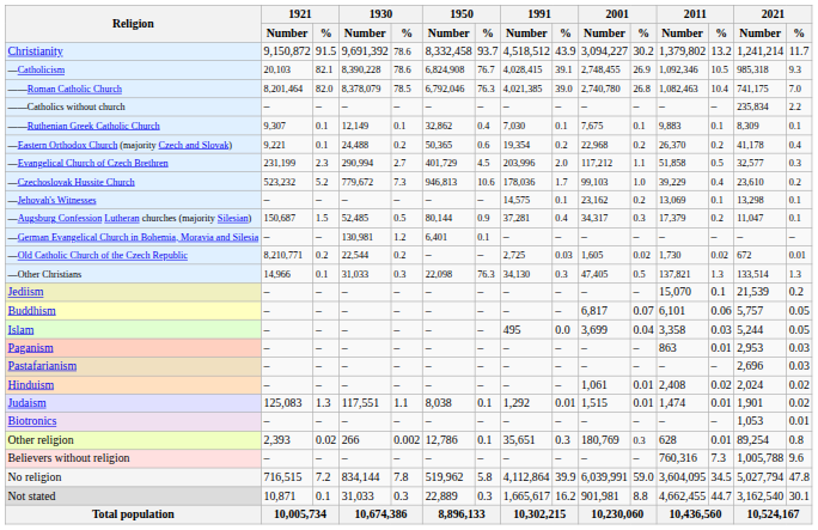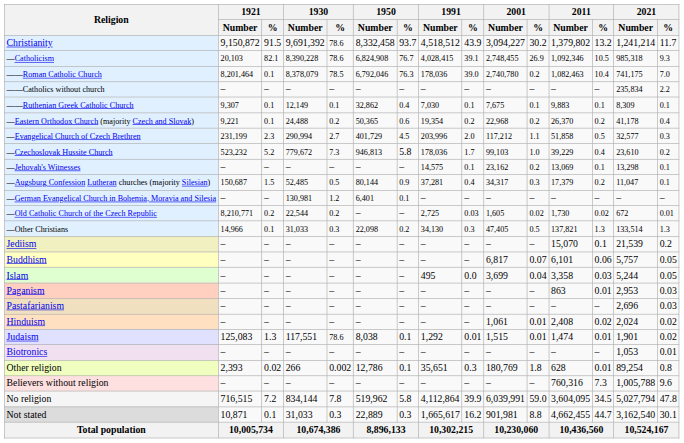 <table class="wikitable">
 <tr>
 <th rowspan="2">Religion</th>
 <th style="text-align:center;" colspan="2">1921</th>
 <th style="text-align:center;" colspan="2">1930</th>
 <th style="text-align:center;" colspan="2">1950</th>
 <th style="text-align:center;" colspan="2">1991</th>
 <th style="text-align:center;" colspan="2">2001</th>
 <th style="text-align:center;" colspan="2">2011</th>
 <th style="text-align:center;" colspan="2">2021</th>
 </tr>
 <tr>
 <th>Number</th>
 <th>%</th>
 <th>Number</th>
 <th>%</th>
 <th>Number</th>
 <th>%</th>
 <th>Number</th>
 <th>%</th>
 <th>Number</th>
 <th>%</th>
 <th>Number</th>
 <th>%</th>
 <th>Number</th>
 <th>%</th>
 </tr>
 <tr>
 <td style="background:#E0F0FF;"><a href='#'>Christianity</a></td>
 <td>9,150,872</td>
 <td>91.5</td>
 <td>9,691,392</td>
 <td><small>78.6</small></td>
 <td>8,332,458</td>
 <td>93.7</td>
 <td>4,518,512</td>
 <td>43.9</td>
 <td>3,094,227</td>
 <td>30.2</td>
 <td>1,379,802</td>
 <td>13.2</td>
 <td>1,241,214</td>
 <td>11.7</td>
 </tr>
 <tr>
 <td style="background:#E0F0FF;"><small>—<a href='#'>Catholicism</a></small></td>
 <td><small>20,103</small></td>
 <td><small>82.1</small></td>
 <td><small>8,390,228</small></td>
 <td><small>78.6</small></td>
 <td><small>6,824,908</small></td>
 <td><small>76.7</small></td>
 <td><small>4,028,415</small></td>
 <td><small>39.1</small></td>
 <td><small>2,748,455</small></td>
 <td><small>26.9</small></td>
 <td><small>1,092,346</small></td>
 <td><small>10.5</small></td>
 <td><small>985,318</small></td>
 <td><small>9.3</small></td>
 </tr>
 <tr>
 <td style="background:#E0F0FF;"><small>——<a href='#'>Roman Catholic Church</a></small></td>
 <td><small>8,201,464</small></td>
-<td><small>82.0</small></td>
+<td><small>0.1</small></td>
 <td><small>8,378,079</small></td>
 <td><small>78.5</small></td>
 <td><small>6,792,046</small></td>
 <td><small>76.3</small></td>
-<td><small>4,021,385</small></td>
+<td><small>178,036</small></td>
 <td><small>39.0</small></td>
 <td><small>2,740,780</small></td>
-<td><small>26.8</small></td>
+<td><small>0.2</small></td>
 <td><small>1,082,463</small></td>
 <td><small>10.4</small></td>
 <td><small>741,175</small></td>
 <td><small>7.0</small></td>
 </tr>
 <tr>
 <td style="background:#E0F0FF;"><small>——Catholics without church</small></td>
 <td>–</td>
 <td>–</td>
 <td>–</td>
 <td>–</td>
 <td>–</td>
 <td>–</td>
 <td>–</td>
 <td>–</td>
 <td>–</td>
 <td>–</td>
 <td>–</td>
 <td>–</td>
 <td><small>235,834</small></td>
 <td><small>2.2</small></td>
 </tr>
 <tr>
 <td style="background:#E0F0FF;"><small>——<a href='#'>Ruthenian Greek Catholic Church</a></small></td>
 <td><small>9,307</small></td>
 <td><small>0.1</small></td>
 <td><small>12,149</small></td>
 <td><small>0.1</small></td>
 <td><small>32,862</small></td>
 <td><small>0.4</small></td>
 <td><small>7,030</small></td>
 <td><small>0.1</small></td>
 <td><small>7,675</small></td>
 <td><small>0.1</small></td>
 <td><small>9,883</small></td>
 <td><small>0.1</small></td>
 <td><small>8,309</small></td>
 <td><small>0.1</small></td>
 </tr>
 <tr>
 <td style="background:#E0F0FF;"><small>—<a href='#'>Eastern Orthodox Church</a> (majority <a href='#'>Czech and Slovak</a>)</small></td>
 <td><small>9,221</small></td>
 <td><small>0.1</small></td>
 <td><small>24,488</small></td>
 <td><small>0.2</small></td>
 <td><small>50,365</small></td>
 <td><small>0.6</small></td>
 <td><small>19,354</small></td>
 <td><small>0.2</small></td>
 <td><small>22,968</small></td>
 <td><small>0.2</small></td>
 <td><small>26,370</small></td>
 <td><small>0.2</small></td>
 <td><small>41,178</small></td>
 <td><small>0.4</small></td>
 </tr>
 <tr>
 <td style="background:#E0F0FF;"><small>—<a href='#'>Evangelical Church of Czech Brethren</a></small></td>
 <td><small>231,199</small></td>
 <td><small>2.3</small></td>
 <td><small>290,994</small></td>
 <td><small>2.7</small></td>
 <td><small>401,729</small></td>
 <td><small>4.5</small></td>
 <td><small>203,996</small></td>
 <td><small>2.0</small></td>
 <td><small>117,212</small></td>
 <td><small>1.1</small></td>
 <td><small>51,858</small></td>
 <td><small>0.5</small></td>
 <td><small>32,577</small></td>
 <td><small>0.3</small></td>
 </tr>
 <tr>
 <td style="background:#E0F0FF;"><small>—<a href='#'>Czechoslovak Hussite Church</a></small></td>
 <td><small>523,232</small></td>
 <td><small>5.2</small></td>
 <td><small>779,672</small></td>
 <td><small>7.3</small></td>
 <td><small>946,813</small></td>
-<td><small>10.6</small></td>
+<td>5.8</td>
 <td><small>178,036</small></td>
 <td><small>1.7</small></td>
 <td><small>99,103</small></td>
 <td><small>1.0</small></td>
 <td><small>39,229</small></td>
 <td><small>0.4</small></td>
 <td><small>23,610</small></td>
 <td><small>0.2</small></td>
 </tr>
 <tr>
 <td style="background:#E0F0FF;"><small>—<a href='#'>Jehovah's Witnesses</a></small></td>
 <td>–</td>
 <td>–</td>
 <td>–</td>
 <td>–</td>
 <td>–</td>
 <td>–</td>
 <td><small>14,575</small></td>
 <td><small>0.1</small></td>
 <td><small>23,162</small></td>
 <td><small>0.2</small></td>
 <td><small>13,069</small></td>
 <td><small>0.1</small></td>
 <td><small>13,298</small></td>
 <td><small>0.1</small></td>
 </tr>
 <tr>
 <td style="background:#E0F0FF;"><small>—<a href='#'>Augsburg Confession</a> <a href='#'>Lutheran</a> churches (majority <a href='#'>Silesian</a>)</small></td>
 <td><small>150,687</small></td>
 <td><small>1.5</small></td>
 <td><small>52,485</small></td>
 <td><small>0.5</small></td>
 <td><small>80,144</small></td>
 <td><small>0.9</small></td>
 <td><small>37,281</small></td>
 <td><small>0.4</small></td>
 <td><small>34,317</small></td>
 <td><small>0.3</small></td>
 <td><small>17,379</small></td>
 <td><small>0.2</small></td>
 <td><small>11,047</small></td>
 <td><small>0.1</small></td>
 </tr>
 <tr>
 <td style="background:#E0F0FF;"><small>—<a href='#'>German Evangelical Church in Bohemia, Moravia and Silesia</a></small></td>
 <td>–</td>
 <td>–</td>
 <td><small>130,981</small></td>
 <td><small>1.2</small></td>
 <td><small>6,401</small></td>
 <td><small>0.1</small></td>
 <td>–</td>
 <td>–</td>
 <td>–</td>
 <td>–</td>
 <td>–</td>
 <td>–</td>
 <td>–</td>
 <td>–</td>
 </tr>
 <tr>
 <td style="background:#E0F0FF;"><small>—<a href='#'>Old Catholic Church of the Czech Republic</a></small></td>
 <td><small>8,210,771</small></td>
 <td><small>0.2</small></td>
 <td><small>22,544</small></td>
 <td><small>0.2</small></td>
 <td>–</td>
 <td>–</td>
 <td><small>2,725</small></td>
 <td><small>0.03</small></td>
 <td><small>1,605</small></td>
 <td><small>0.02</small></td>
 <td><small>1,730</small></td>
 <td><small>0.02</small></td>
 <td><small>672</small></td>
 <td><small>0.01</small></td>
 </tr>
 <tr>
 <td style="background:#E0F0FF;"><small>—Other Christians</small></td>
 <td><small>14,966</small></td>
 <td><small>0.1</small></td>
 <td><small>31,033</small></td>
 <td><small>0.3</small></td>
 <td><small>22,098</small></td>
-<td><small>76.3</small></td>
+<td><small>0.2</small></td>
 <td><small>34,130</small></td>
 <td><small>0.3</small></td>
 <td><small>47,405</small></td>
 <td><small>0.5</small></td>
 <td><small>137,821</small></td>
 <td><small>1.3</small></td>
 <td><small>133,514</small></td>
 <td><small>1.3</small></td>
 </tr>
 <tr>
 <td style="background:#F0F0C0;"><a href='#'>Jediism</a></td>
 <td>–</td>
 <td>–</td>
 <td>–</td>
 <td>–</td>
 <td>–</td>
 <td>–</td>
 <td>–</td>
 <td>–</td>
 <td>–</td>
 <td>–</td>
 <td>15,070</td>
 <td>0.1</td>
 <td>21,539</td>
 <td>0.2</td>
 </tr>
 <tr>
 <td style="background:#FFFFC0;"><a href='#'>Buddhism</a></td>
 <td>–</td>
 <td>–</td>
 <td>–</td>
 <td>–</td>
 <td>–</td>
 <td>–</td>
 <td>–</td>
 <td>–</td>
 <td>6,817</td>
 <td>0.07</td>
 <td>6,101</td>
 <td>0.06</td>
 <td>5,757</td>
 <td>0.05</td>
 </tr>
 <tr>
 <td style="background:#E0FFD0;"><a href='#'>Islam</a></td>
 <td>–</td>
 <td>–</td>
 <td>–</td>
 <td>–</td>
 <td>–</td>
 <td>–</td>
 <td>495</td>
 <td>0.0</td>
 <td>3,699</td>
 <td>0.04</td>
 <td>3,358</td>
 <td>0.03</td>
 <td>5,244</td>
 <td>0.05</td>
 </tr>
 <tr>
 <td style="background:#FFD0C0;"><a href='#'>Paganism</a></td>
 <td>–</td>
 <td>–</td>
 <td>–</td>
 <td>–</td>
 <td>–</td>
 <td>–</td>
 <td>–</td>
 <td>–</td>
 <td>–</td>
 <td>–</td>
 <td>863</td>
 <td>0.01</td>
 <td>2,953</td>
 <td>0.03</td>
 </tr>
 <tr>
 <td style="background:#F0E0C0;"><a href='#'>Pastafarianism</a></td>
 <td>–</td>
 <td>–</td>
 <td>–</td>
 <td>–</td>
 <td>–</td>
 <td>–</td>
 <td>–</td>
 <td>–</td>
 <td>–</td>
 <td>–</td>
 <td>–</td>
 <td>–</td>
 <td>2,696</td>
 <td>0.03</td>
 </tr>
 <tr>
 <td style="background:#FFE0C0;"><a href='#'>Hinduism</a></td>
 <td>–</td>
 <td>–</td>
 <td>–</td>
 <td>–</td>
 <td>–</td>
 <td>–</td>
 <td>–</td>
 <td>–</td>
 <td>1,061</td>
 <td>0.01</td>
 <td>2,408</td>
 <td>0.02</td>
 <td>2,024</td>
 <td>0.02</td>
 </tr>
 <tr>
 <td style="background:#E0E0FF;"><a href='#'>Judaism</a></td>
 <td>125,083</td>
 <td>1.3</td>
 <td>117,551</td>
-<td>1.1</td>
+<td><small>78.6</small></td>
 <td>8,038</td>
 <td>0.1</td>
 <td>1,292</td>
 <td>0.01</td>
 <td>1,515</td>
 <td>0.01</td>
 <td>1,474</td>
 <td>0.01</td>
 <td>1,901</td>
 <td>0.02</td>
 </tr>
 <tr>
 <td style="background:#F0E0F0;"><a href='#'>Biotronics</a></td>
 <td>–</td>
 <td>–</td>
 <td>–</td>
 <td>–</td>
 <td>–</td>
 <td>–</td>
 <td>–</td>
 <td>–</td>
 <td>–</td>
 <td>–</td>
 <td>–</td>
 <td>–</td>
 <td>1,053</td>
 <td>0.01</td>
 </tr>
 <tr>
 <td style="background:#F0FFC0;">Other religion</td>
 <td>2,393</td>
 <td>0.02</td>
 <td>266</td>
 <td>0.002</td>
 <td>12,786</td>
 <td>0.1</td>
 <td>35,651</td>
 <td>0.3</td>
 <td>180,769</td>
-<td><small>0.3</small></td>
+<td>1.8</td>
 <td>628</td>
 <td>0.01</td>
 <td>89,254</td>
 <td>0.8</td>
 </tr>
 <tr>
 <td style="background:#FFE0E0;">Believers without religion</td>
 <td>–</td>
 <td>–</td>
 <td>–</td>
 <td>–</td>
 <td>–</td>
 <td>–</td>
 <td>–</td>
 <td>–</td>
 <td>–</td>
 <td>–</td>
 <td>760,316</td>
 <td>7.3</td>
 <td>1,005,788</td>
 <td>9.6</td>
 </tr>
 <tr>
 <td style="background:#F5F5F5;">No religion</td>
 <td>716,515</td>
 <td>7.2</td>
 <td>834,144</td>
 <td>7.8</td>
 <td>519,962</td>
 <td>5.8</td>
 <td>4,112,864</td>
 <td>39.9</td>
 <td>6,039,991</td>
 <td>59.0</td>
 <td>3,604,095</td>
 <td>34.5</td>
 <td>5,027,794</td>
 <td>47.8</td>
 </tr>
 <tr>
 <td style="background:#DCDCDC;">Not stated</td>
 <td>10,871</td>
 <td>0.1</td>
 <td>31,033</td>
 <td>0.3</td>
 <td>22,889</td>
 <td>0.3</td>
 <td>1,665,617</td>
 <td>16.2</td>
 <td>901,981</td>
 <td>8.8</td>
 <td>4,662,455</td>
 <td>44.7</td>
 <td>3,162,540</td>
 <td>30.1</td>
 </tr>
 <tr>
 <th>Total population</th>
 <th colspan="2">10,005,734</th>
 <th colspan="2">10,674,386</th>
 <th colspan="2">8,896,133</th>
 <th colspan="2">10,302,215</th>
 <th colspan="2">10,230,060</th>
 <th colspan="2">10,436,560</th>
 <th colspan="2">10,524,167</th>
 </tr>
 </table>
